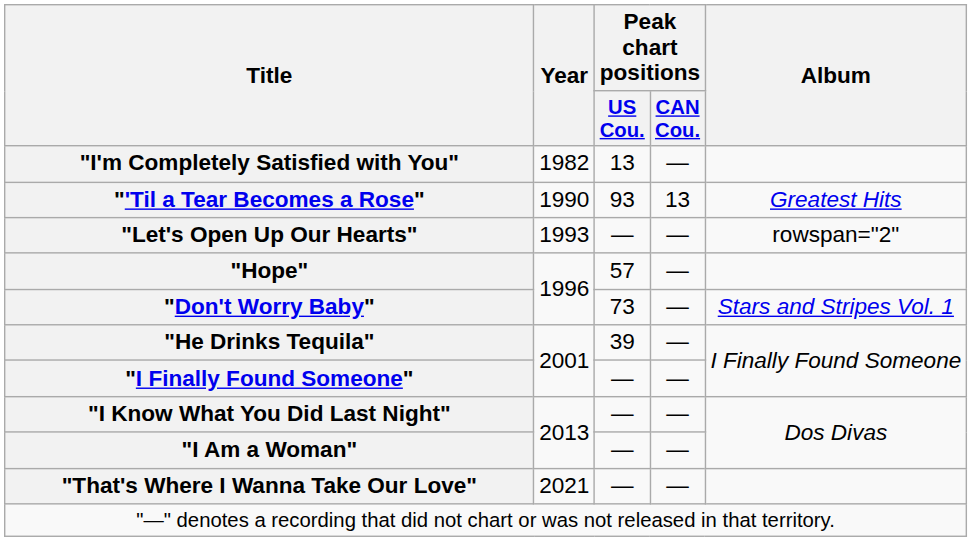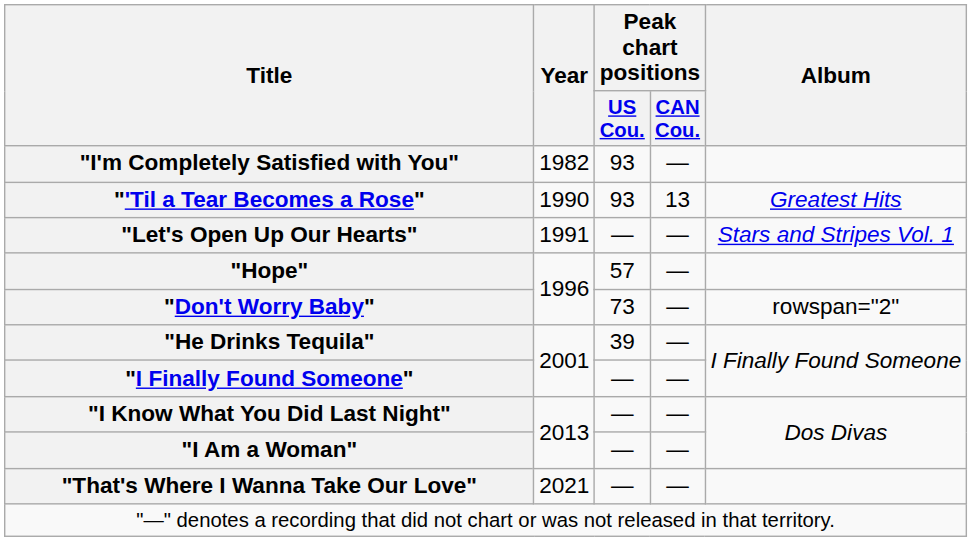 <table class="wikitable plainrowheaders" style="text-align:center;" border="1">
 <tr>
 <th scope="col" rowspan="2" style="width:23em;">Title</th>
 <th scope="col" rowspan="2">Year</th>
 <th scope="col" colspan="2">Peak chart<br>positions</th>
 <th scope="col" rowspan="2">Album</th>
 </tr>
 <tr>
 <th scope="col" style="width:2em;font-size:90%;"><a href='#'>US<br>Cou.</a><br></th>
 <th scope="col" style="width:2em;font-size:90%;"><a href='#'>CAN<br>Cou.</a><br></th>
 </tr>
 <tr>
 <th scope="row">"I'm Completely Satisfied with You"<br></th>
 <td>1982</td>
-<td>13</td>
+<td>93</td>
 <td>—</td>
 <td></td>
 </tr>
 <tr>
 <th scope="row">"<a href='#'>'Til a Tear Becomes a Rose</a>"<br></th>
 <td>1990</td>
 <td>93</td>
 <td>13</td>
 <td><em><a href='#'>Greatest Hits</a></em></td>
 </tr>
 <tr>
 <th scope="row">"Let's Open Up Our Hearts"<br></th>
-<td>1993</td>
+<td>1991</td>
 <td>—</td>
 <td>—</td>
-<td>rowspan="2" </td>
+<td><em><a href='#'>Stars and Stripes Vol. 1</a></em></td>
 </tr>
 <tr>
 <th scope="row">"Hope"<br></th>
 <td rowspan="2">1996</td>
 <td>57</td>
 <td>—</td>
 </tr>
 <tr>
 <th scope="row">"<a href='#'>Don't Worry Baby</a>"<br></th>
 <td>73</td>
 <td>—</td>
-<td><em><a href='#'>Stars and Stripes Vol. 1</a></em></td>
+<td>rowspan="2" </td>
 </tr>
 <tr>
 <th scope="row">"He Drinks Tequila"<br></th>
 <td rowspan="2">2001</td>
 <td>39</td>
 <td>—</td>
 <td rowspan="2"><em>I Finally Found Someone</em></td>
 </tr>
 <tr>
 <th scope="row">"<a href='#'>I Finally Found Someone</a>"<br></th>
 <td>—</td>
 <td>—</td>
 </tr>
 <tr>
 <th scope="row">"I Know What You Did Last Night"<br></th>
 <td rowspan="2">2013</td>
 <td>—</td>
 <td>—</td>
 <td rowspan="2"><em>Dos Divas</em></td>
 </tr>
 <tr>
 <th scope="row">"I Am a Woman"<br></th>
 <td>—</td>
 <td>—</td>
 </tr>
 <tr>
 <th scope="row">"That's Where I Wanna Take Our Love"<br></th>
 <td>2021</td>
 <td>—</td>
 <td>—</td>
 <td></td>
 </tr>
 <tr>
 <td colspan="5" style="font-size:90%">"—" denotes a recording that did not chart or was not released in that territory.</td>
 </tr>
 </table>
